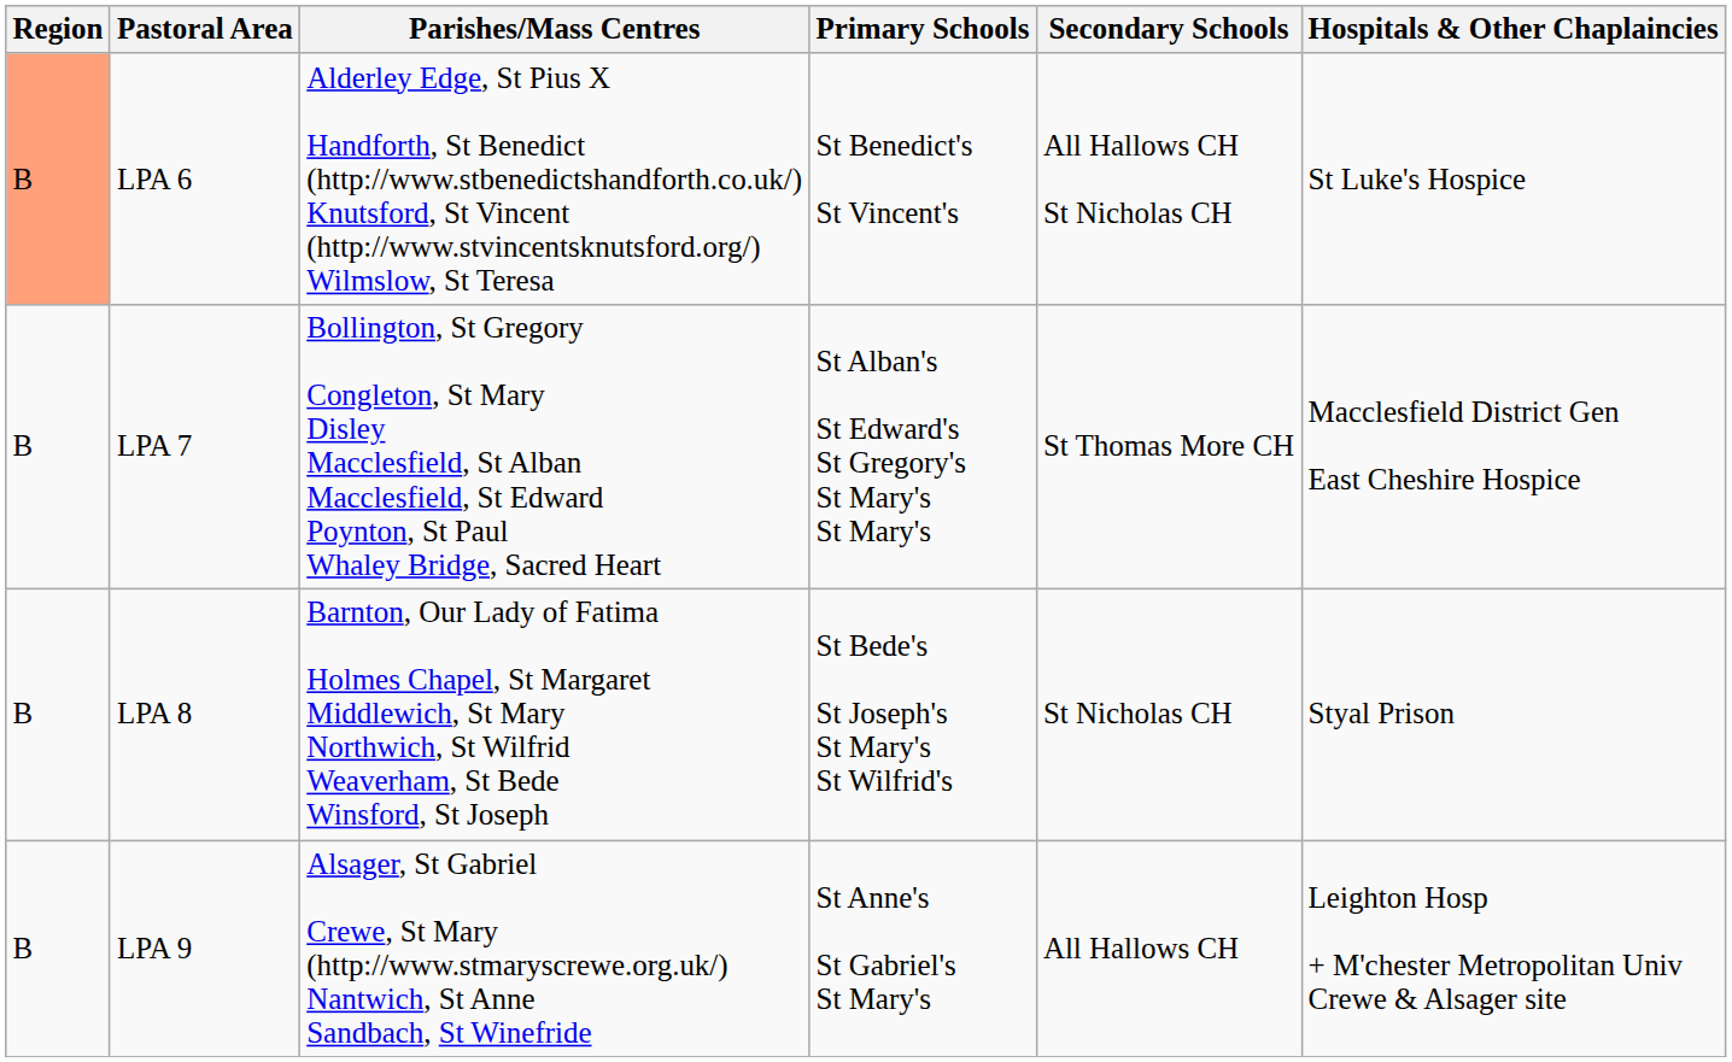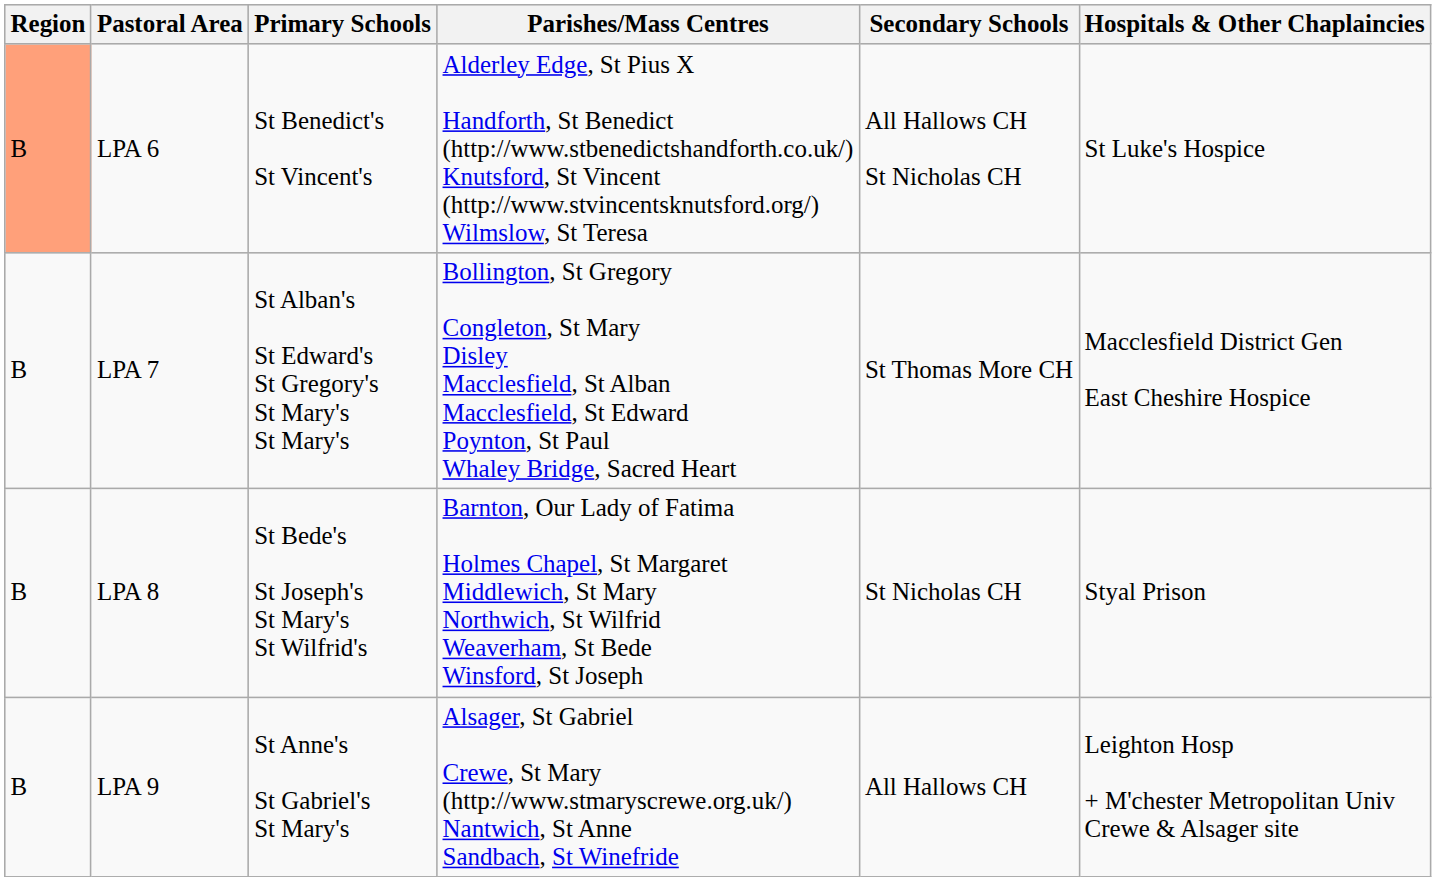 <table class="wikitable">
 <tr>
 <th>Region</th>
 <th>Pastoral Area</th>
+<th>Primary Schools</th>
 <th>Parishes/Mass Centres</th>
-<th>Primary Schools</th>
 <th>Secondary Schools</th>
 <th>Hospitals & Other Chaplaincies</th>
 </tr>
 <tr>
 <td style="background: lightsalmon;">B</td>
 <td>LPA 6</td>
+<td>St Benedict's <br><br>St Vincent's</td>
 <td><a href='#'>Alderley Edge</a>, St Pius X <br><br><a href='#'>Handforth</a>, St Benedict <br> (http://www.stbenedictshandforth.co.uk/) <br> <a href='#'>Knutsford</a>, St Vincent<br> (http://www.stvincentsknutsford.org/) <br> <a href='#'>Wilmslow</a>, St Teresa</td>
-<td>St Benedict's <br><br>St Vincent's</td>
 <td>All Hallows CH <br><br>St Nicholas CH</td>
 <td>St Luke's Hospice</td>
 </tr>
 <tr>
 <td>B</td>
 <td>LPA 7</td>
+<td>St Alban's<br><br>St Edward's<br> St Gregory's<br> St Mary's<br> St Mary's</td>
 <td><a href='#'>Bollington</a>, St Gregory <br><br><a href='#'>Congleton</a>, St Mary<br> <a href='#'>Disley</a><br> <a href='#'>Macclesfield</a>, St Alban<br> <a href='#'>Macclesfield</a>, St Edward<br> <a href='#'>Poynton</a>, St Paul<br> <a href='#'>Whaley Bridge</a>, Sacred Heart</td>
-<td>St Alban's<br><br>St Edward's<br> St Gregory's<br> St Mary's<br> St Mary's</td>
 <td>St Thomas More CH</td>
 <td>Macclesfield District Gen <br><br>East Cheshire Hospice</td>
 </tr>
 <tr>
 <td>B</td>
 <td>LPA 8</td>
+<td>St Bede's<br><br>St Joseph's<br> St Mary's<br> St Wilfrid's</td>
 <td><a href='#'>Barnton</a>, Our Lady of Fatima <br><br><a href='#'>Holmes Chapel</a>, St Margaret<br> <a href='#'>Middlewich</a>, St Mary<br> <a href='#'>Northwich</a>, St Wilfrid<br> <a href='#'>Weaverham</a>, St Bede<br> <a href='#'>Winsford</a>, St Joseph</td>
-<td>St Bede's<br><br>St Joseph's<br> St Mary's<br> St Wilfrid's</td>
 <td>St Nicholas CH</td>
 <td>Styal Prison</td>
 </tr>
 <tr>
 <td>B</td>
 <td>LPA 9</td>
+<td>St Anne's<br><br>St Gabriel's<br> St Mary's</td>
 <td><a href='#'>Alsager</a>, St Gabriel<br><br><a href='#'>Crewe</a>, St Mary <br> (http://www.stmaryscrewe.org.uk/) <br> <a href='#'>Nantwich</a>, St Anne<br> <a href='#'>Sandbach</a>, <a href='#'>St Winefride</a><br></td>
-<td>St Anne's<br><br>St Gabriel's<br> St Mary's</td>
 <td>All Hallows CH</td>
 <td>Leighton Hosp<br><br>+ M'chester Metropolitan Univ<br> Crewe & Alsager site</td>
 </tr>
 </table>
